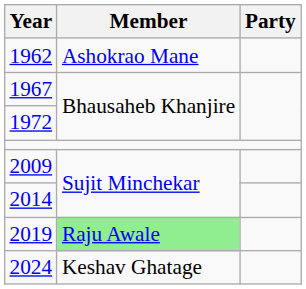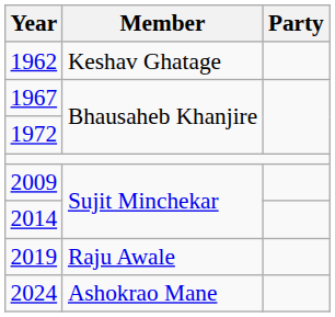 <table class="wikitable">
 <tr>
 <th>Year</th>
 <th>Member</th>
 <th colspan="2">Party</th>
 </tr>
 <tr>
 <td><a href='#'>1962</a></td>
-<td><a href='#'>Ashokrao Mane</a></td>
+<td>Keshav Ghatage</td>
 <td></td>
 </tr>
 <tr>
 <td><a href='#'>1967</a></td>
 <td rowspan="2">Bhausaheb Khanjire</td>
 </tr>
 <tr>
 <td><a href='#'>1972</a></td>
 </tr>
 <tr>
 <td colspan="4"></td>
 </tr>
 <tr>
 <td><a href='#'>2009</a></td>
 <td rowspan="2"><a href='#'>Sujit Minchekar</a></td>
 <td></td>
 </tr>
 <tr>
 <td><a href='#'>2014</a></td>
 </tr>
 <tr>
 <td><a href='#'>2019</a></td>
-<td style="background: lightgreen;"><a href='#'>Raju Awale</a></td>
+<td><a href='#'>Raju Awale</a></td>
 <td></td>
 </tr>
 <tr>
 <td><a href='#'>2024</a></td>
-<td>Keshav Ghatage</td>
+<td><a href='#'>Ashokrao Mane</a></td>
 <td></td>
 </tr>
 </table>
